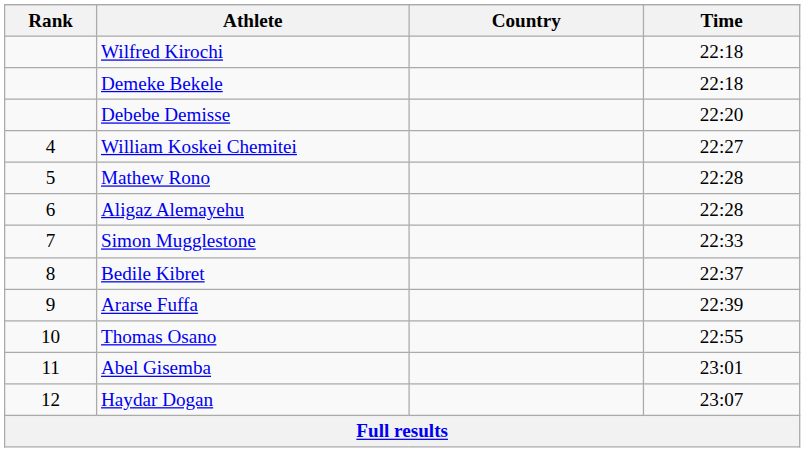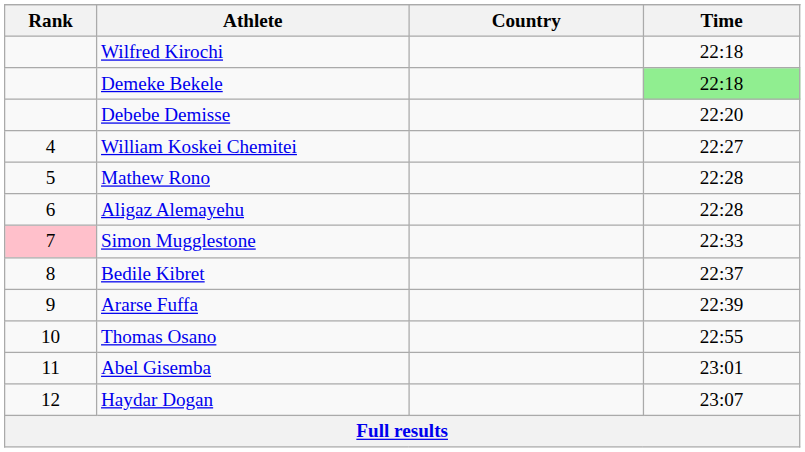 <table class="wikitable sortable" style=" text-align:center; font-size:95%;" width="50%">
 <tr>
 </tr>
 <tr>
 <th width=5%>Rank</th>
 <th width=20%>Athlete</th>
 <th width=15%>Country</th>
 <th width=10%>Time</th>
 </tr>
 <tr>
 <td align=center></td>
 <td align=left><a href='#'>Wilfred Kirochi</a></td>
 <td align=left></td>
 <td>22:18</td>
 </tr>
 <tr>
 <td align=center></td>
 <td align=left><a href='#'>Demeke Bekele</a></td>
 <td align=left></td>
-<td>22:18</td>
+<td style="background: lightgreen;">22:18</td>
 </tr>
 <tr>
 <td align=center></td>
 <td align=left><a href='#'>Debebe Demisse</a></td>
 <td align=left></td>
 <td>22:20</td>
 </tr>
 <tr>
 <td align=center>4</td>
 <td align=left><a href='#'>William Koskei Chemitei</a></td>
 <td align=left></td>
 <td>22:27</td>
 </tr>
 <tr>
 <td align=center>5</td>
 <td align=left><a href='#'>Mathew Rono</a></td>
 <td align=left></td>
 <td>22:28</td>
 </tr>
 <tr>
 <td align=center>6</td>
 <td align=left><a href='#'>Aligaz Alemayehu</a></td>
 <td align=left></td>
 <td>22:28</td>
 </tr>
 <tr>
-<td align=center>7</td>
+<td align=center style="background: pink;">7</td>
 <td align=left><a href='#'>Simon Mugglestone</a></td>
 <td align=left></td>
 <td>22:33</td>
 </tr>
 <tr>
 <td align=center>8</td>
 <td align=left><a href='#'>Bedile Kibret</a></td>
 <td align=left></td>
 <td>22:37</td>
 </tr>
 <tr>
 <td align=center>9</td>
 <td align=left><a href='#'>Ararse Fuffa</a></td>
 <td align=left></td>
 <td>22:39</td>
 </tr>
 <tr>
 <td align=center>10</td>
 <td align=left><a href='#'>Thomas Osano</a></td>
 <td align=left></td>
 <td>22:55</td>
 </tr>
 <tr>
 <td align=center>11</td>
 <td align=left><a href='#'>Abel Gisemba</a></td>
 <td align=left></td>
 <td>23:01</td>
 </tr>
 <tr>
 <td align=center>12</td>
 <td align=left><a href='#'>Haydar Dogan</a></td>
 <td align=left></td>
 <td>23:07</td>
 </tr>
 <tr class="sortbottom">
 <th colspan=4 align=center><a href='#'>Full results</a></th>
 </tr>
 </table>
